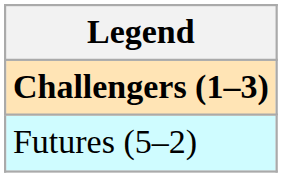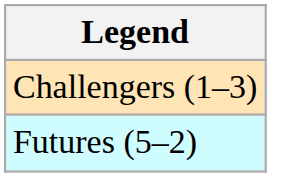 <table class=wikitable style=font-size:97%>
 <tr>
 <th>Legend</th>
 </tr>
 <tr bgcolor=moccasin>
-<td><strong>Challengers (1–3)</strong></td>
+<td>Challengers (1–3)</td>
 </tr>
 <tr bgcolor=CFFCFF>
 <td>Futures (5–2)</td>
 </tr>
 </table>
